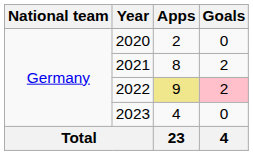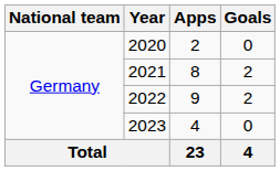 <table class="wikitable" style="text-align:center">
 <tr>
 <th>National team</th>
 <th>Year</th>
 <th>Apps</th>
 <th>Goals</th>
 </tr>
 <tr>
 <td rowspan="5"><a href='#'>Germany</a></td>
 </tr>
 <tr>
 <td>2020</td>
 <td>2</td>
 <td>0</td>
 </tr>
 <tr>
 <td>2021</td>
 <td>8</td>
 <td>2</td>
 </tr>
 <tr>
 <td>2022</td>
-<td style="background: khaki;">9</td>
-<td style="background: pink;">2</td>
+<td>9</td>
+<td>2</td>
 </tr>
 <tr>
 <td>2023</td>
 <td>4</td>
 <td>0</td>
 </tr>
 <tr>
 <th colspan="2">Total</th>
 <th>23</th>
 <th>4</th>
 </tr>
 </table>
